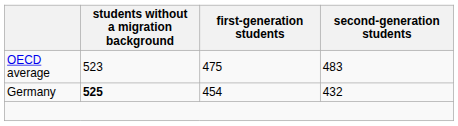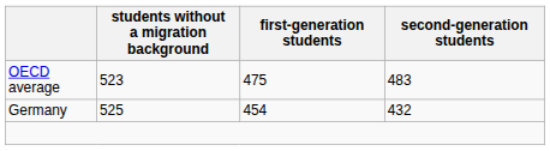 <table class="wikitable" align="left">
 <tr>
 <th></th>
 <th>students without<br>a migration background</th>
 <th>first-generation students<br></th>
 <th>second-generation students<br></th>
 </tr>
 <tr>
 <td><a href='#'>OECD</a> average</td>
 <td>523</td>
 <td>475</td>
 <td>483</td>
 </tr>
 <tr>
 <td>Germany</td>
-<td><strong>525</strong></td>
+<td>525</td>
 <td>454</td>
 <td>432</td>
 </tr>
 <tr>
 <td colspan="4"><br></td>
 </tr>
 </table>
